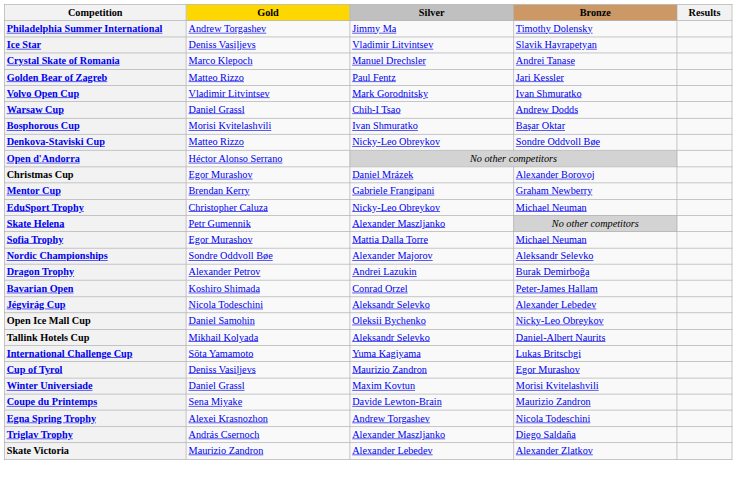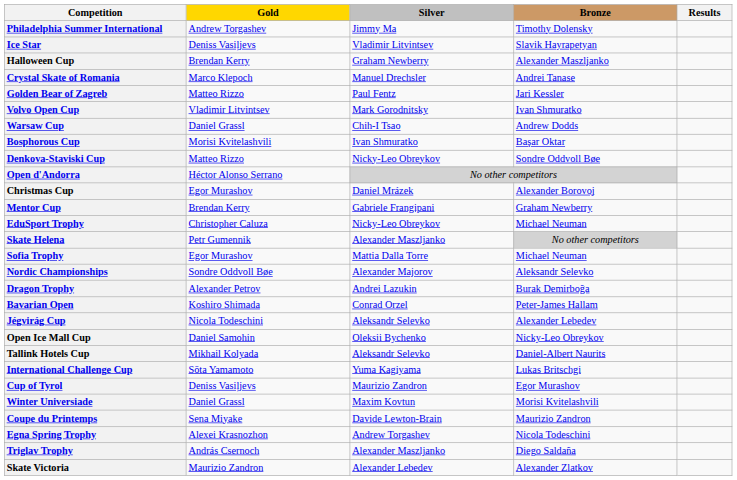 <table class="wikitable unsortable" style="text-align:left; width:90%;">
 <tr>
 <th scope="col" style="text-align:center; width:25%;">Competition</th>
 <td scope="col" style="text-align:center; width:22.5%; background:gold"><strong>Gold</strong></td>
 <td scope="col" style="text-align:center; width:22.5%; background:silver"><strong>Silver</strong></td>
 <td scope="col" style="text-align:center; width:22.5%; background:#c96"><strong>Bronze</strong></td>
 <th scope="col" style="text-align:center; width:7.5%;">Results</th>
 </tr>
 <tr>
 <th scope="row" style="text-align:left"> <a href='#'>Philadelphia Summer International</a></th>
 <td> <a href='#'>Andrew Torgashev</a></td>
 <td> <a href='#'>Jimmy Ma</a></td>
 <td> <a href='#'>Timothy Dolensky</a></td>
 <td></td>
 </tr>
 <tr>
 <th scope="row" style="text-align:left"> <a href='#'>Ice Star</a></th>
 <td> <a href='#'>Deniss Vasiļjevs</a></td>
 <td> <a href='#'>Vladimir Litvintsev</a></td>
 <td> <a href='#'>Slavik Hayrapetyan</a></td>
+<td></td>
+</tr>
+<tr>
+<th scope="row" style="text-align:left"> Halloween Cup</th>
+<td> <a href='#'>Brendan Kerry</a></td>
+<td> <a href='#'>Graham Newberry</a></td>
+<td> <a href='#'>Alexander Maszljanko</a></td>
 <td></td>
 </tr>
 <tr>
 <th scope="row" style="text-align:left"> <a href='#'>Crystal Skate of Romania</a></th>
 <td> <a href='#'>Marco Klepoch</a></td>
 <td> <a href='#'>Manuel Drechsler</a></td>
 <td> <a href='#'>Andrei Tanase</a></td>
 <td></td>
 </tr>
 <tr>
 <th scope="row" style="text-align:left"> <a href='#'>Golden Bear of Zagreb</a></th>
 <td> <a href='#'>Matteo Rizzo</a></td>
 <td> <a href='#'>Paul Fentz</a></td>
 <td> <a href='#'>Jari Kessler</a></td>
 <td></td>
 </tr>
 <tr>
 <th scope="row" style="text-align:left"> <a href='#'>Volvo Open Cup</a></th>
 <td> <a href='#'>Vladimir Litvintsev</a></td>
 <td> <a href='#'>Mark Gorodnitsky</a></td>
 <td> <a href='#'>Ivan Shmuratko</a></td>
 <td></td>
 </tr>
 <tr>
 <th scope="row" style="text-align:left"> <a href='#'>Warsaw Cup</a></th>
 <td> <a href='#'>Daniel Grassl</a></td>
 <td> <a href='#'>Chih-I Tsao</a></td>
 <td> <a href='#'>Andrew Dodds</a></td>
 <td></td>
 </tr>
 <tr>
 <th scope="row" style="text-align:left"> <a href='#'>Bosphorous Cup</a></th>
 <td> <a href='#'>Morisi Kvitelashvili</a></td>
 <td> <a href='#'>Ivan Shmuratko</a></td>
 <td> <a href='#'>Başar Oktar</a></td>
 <td></td>
 </tr>
 <tr>
 <th scope="row" style="text-align:left"> <a href='#'>Denkova-Staviski Cup</a></th>
 <td> <a href='#'>Matteo Rizzo</a></td>
 <td> <a href='#'>Nicky-Leo Obreykov</a></td>
 <td> <a href='#'>Sondre Oddvoll Bøe</a></td>
 <td></td>
 </tr>
 <tr>
 <th scope="row" style="text-align:left"> <a href='#'>Open d'Andorra</a></th>
 <td> <a href='#'>Héctor Alonso Serrano</a></td>
 <td colspan=2 align=center bgcolor="lightgray"><em>No other competitors</em></td>
 <td></td>
 </tr>
 <tr>
 <th scope="row" style="text-align:left"> Christmas Cup</th>
 <td> <a href='#'>Egor Murashov</a></td>
 <td> <a href='#'>Daniel Mrázek</a></td>
 <td> <a href='#'>Alexander Borovoj</a></td>
 <td></td>
 </tr>
 <tr>
 <th scope="row" style="text-align:left"> <a href='#'>Mentor Cup</a></th>
 <td> <a href='#'>Brendan Kerry</a></td>
 <td> <a href='#'>Gabriele Frangipani</a></td>
 <td> <a href='#'>Graham Newberry</a></td>
 <td></td>
 </tr>
 <tr>
 <th scope="row" style="text-align:left"> <a href='#'>EduSport Trophy</a></th>
 <td> <a href='#'>Christopher Caluza</a></td>
 <td> <a href='#'>Nicky-Leo Obreykov</a></td>
 <td> <a href='#'>Michael Neuman</a></td>
 <td></td>
 </tr>
 <tr>
 <th scope="row" style="text-align:left"> <a href='#'>Skate Helena</a></th>
 <td> <a href='#'>Petr Gumennik</a></td>
 <td> <a href='#'>Alexander Maszljanko</a></td>
 <td align=center bgcolor="lightgray"><em>No other competitors</em></td>
 <td></td>
 </tr>
 <tr>
 <th scope="row" style="text-align:left"> <a href='#'>Sofia Trophy</a></th>
 <td> <a href='#'>Egor Murashov</a></td>
 <td> <a href='#'>Mattia Dalla Torre</a></td>
 <td> <a href='#'>Michael Neuman</a></td>
 <td></td>
 </tr>
 <tr>
 <th scope="row" style="text-align:left"> <a href='#'>Nordic Championships</a></th>
 <td> <a href='#'>Sondre Oddvoll Bøe</a></td>
 <td> <a href='#'>Alexander Majorov</a></td>
 <td> <a href='#'>Aleksandr Selevko</a></td>
 <td></td>
 </tr>
 <tr>
 <th scope="row" style="text-align:left"> <a href='#'>Dragon Trophy</a></th>
 <td> <a href='#'>Alexander Petrov</a></td>
 <td> <a href='#'>Andrei Lazukin</a></td>
 <td> <a href='#'>Burak Demirboğa</a></td>
 <td></td>
 </tr>
 <tr>
 <th scope="row" style="text-align:left"> <a href='#'>Bavarian Open</a></th>
 <td> <a href='#'>Koshiro Shimada</a></td>
 <td> <a href='#'>Conrad Orzel</a></td>
 <td> <a href='#'>Peter-James Hallam</a></td>
 <td></td>
 </tr>
 <tr>
 <th scope="row" style="text-align:left"> <a href='#'>Jégvirág Cup</a></th>
 <td> <a href='#'>Nicola Todeschini</a></td>
 <td> <a href='#'>Aleksandr Selevko</a></td>
 <td> <a href='#'>Alexander Lebedev</a></td>
 <td></td>
 </tr>
 <tr>
 <th scope="row" style="text-align:left"> Open Ice Mall Cup</th>
 <td> <a href='#'>Daniel Samohin</a></td>
 <td> <a href='#'>Oleksii Bychenko</a></td>
 <td> <a href='#'>Nicky-Leo Obreykov</a></td>
 <td></td>
 </tr>
 <tr>
 <th scope="row" style="text-align:left"> Tallink Hotels Cup</th>
 <td> <a href='#'>Mikhail Kolyada</a></td>
 <td> <a href='#'>Aleksandr Selevko</a></td>
 <td> <a href='#'>Daniel-Albert Naurits</a></td>
 <td></td>
 </tr>
 <tr>
 <th scope="row" style="text-align:left"> <a href='#'>International Challenge Cup</a></th>
 <td> <a href='#'>Sōta Yamamoto</a></td>
 <td> <a href='#'>Yuma Kagiyama</a></td>
 <td> <a href='#'>Lukas Britschgi</a></td>
 <td></td>
 </tr>
 <tr>
 <th scope="row" style="text-align:left"> <a href='#'>Cup of Tyrol</a></th>
 <td> <a href='#'>Deniss Vasiļjevs</a></td>
 <td> <a href='#'>Maurizio Zandron</a></td>
 <td> <a href='#'>Egor Murashov</a></td>
 <td></td>
 </tr>
 <tr>
 <th scope="row" style="text-align:left"> <a href='#'>Winter Universiade</a></th>
 <td> <a href='#'>Daniel Grassl</a></td>
 <td> <a href='#'>Maxim Kovtun</a></td>
 <td> <a href='#'>Morisi Kvitelashvili</a></td>
 <td></td>
 </tr>
 <tr>
 <th scope="row" style="text-align:left"> <a href='#'>Coupe du Printemps</a></th>
 <td> <a href='#'>Sena Miyake</a></td>
 <td> <a href='#'>Davide Lewton-Brain</a></td>
 <td> <a href='#'>Maurizio Zandron</a></td>
 <td></td>
 </tr>
 <tr>
 <th scope="row" style="text-align:left"> <a href='#'>Egna Spring Trophy</a></th>
 <td> <a href='#'>Alexei Krasnozhon</a></td>
 <td> <a href='#'>Andrew Torgashev</a></td>
 <td> <a href='#'>Nicola Todeschini</a></td>
 <td></td>
 </tr>
 <tr>
 <th scope="row" style="text-align:left"> <a href='#'>Triglav Trophy</a></th>
 <td> <a href='#'>András Csernoch</a></td>
 <td> <a href='#'>Alexander Maszljanko</a></td>
 <td> <a href='#'>Diego Saldaña</a></td>
 <td></td>
 </tr>
 <tr>
 <th scope="row" style="text-align:left"> Skate Victoria</th>
 <td> <a href='#'>Maurizio Zandron</a></td>
 <td> <a href='#'>Alexander Lebedev</a></td>
 <td> <a href='#'>Alexander Zlatkov</a></td>
 <td></td>
 </tr>
 </table>
